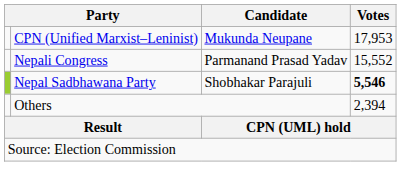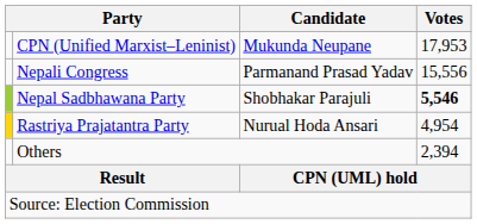 <table class="wikitable">
 <tr>
 <th colspan="2">Party</th>
 <th>Candidate</th>
 <th>Votes</th>
 </tr>
 <tr>
 <td style="background-color:"></td>
 <td><a href='#'>CPN (Unified Marxist–Leninist)</a></td>
 <td><a href='#'>Mukunda Neupane</a></td>
 <td>17,953</td>
 </tr>
 <tr>
 <td style="background-color:"></td>
 <td><a href='#'>Nepali Congress</a></td>
 <td>Parmanand Prasad Yadav</td>
-<td>15,552</td>
+<td>15,556</td>
 </tr>
 <tr>
 <td style="background-color:yellowgreen"></td>
 <td><a href='#'>Nepal Sadbhawana Party</a></td>
 <td>Shobhakar Parajuli</td>
 <td><strong>5,546</strong></td>
+</tr>
+<tr>
+<td style="background-color:gold"></td>
+<td><a href='#'>Rastriya Prajatantra Party</a></td>
+<td>Nurual Hoda Ansari</td>
+<td>4,954</td>
 </tr>
 <tr>
 <td></td>
 <td colspan="2">Others</td>
 <td>2,394</td>
 </tr>
 <tr>
 <th colspan="2">Result</th>
 <th colspan="2">CPN (UML) hold</th>
 </tr>
 <tr>
 <td colspan="4">Source: Election Commission</td>
 </tr>
 </table>
